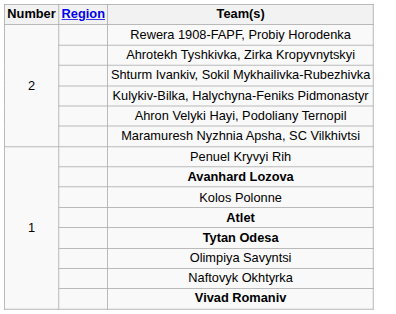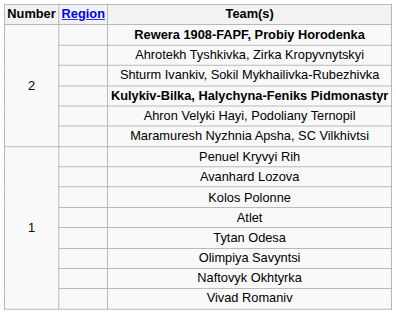 <table class="wikitable" style="text-align:center">
 <tr>
 <th>Number</th>
 <th><a href='#'>Region</a></th>
 <th>Team(s)</th>
 </tr>
 <tr>
 <td rowspan="6">2</td>
 <td align="left"></td>
-<td>Rewera 1908-FAPF, Probiy Horodenka</td>
+<td><strong>Rewera 1908-FAPF, Probiy Horodenka</strong></td>
 </tr>
 <tr>
 <td align="left"></td>
 <td>Ahrotekh Tyshkivka, Zirka Kropyvnytskyi</td>
 </tr>
 <tr>
 <td align="left"></td>
 <td>Shturm Ivankiv, Sokil Mykhailivka-Rubezhivka</td>
 </tr>
 <tr>
 <td align="left"></td>
-<td>Kulykiv-Bilka, Halychyna-Feniks Pidmonastyr</td>
+<td><strong>Kulykiv-Bilka, Halychyna-Feniks Pidmonastyr</strong></td>
 </tr>
 <tr>
 <td align="left"></td>
 <td>Ahron Velyki Hayi, Podoliany Ternopil</td>
 </tr>
 <tr>
 <td align="left"></td>
 <td>Maramuresh Nyzhnia Apsha, SC Vilkhivtsi</td>
 </tr>
 <tr>
 <td rowspan="13">1</td>
 <td align="left"></td>
 <td>Penuel Kryvyi Rih</td>
 </tr>
 <tr>
 <td align="left"></td>
-<td><strong>Avanhard Lozova</strong></td>
+<td>Avanhard Lozova</td>
 </tr>
 <tr>
 <td align="left"></td>
 <td>Kolos Polonne</td>
 </tr>
 <tr>
 <td align="left"></td>
-<td><strong>Atlet</strong></td>
+<td>Atlet</td>
 </tr>
 <tr>
 <td align="left"></td>
-<td><strong>Tytan Odesa</strong></td>
+<td>Tytan Odesa</td>
 </tr>
 <tr>
 <td align="left"></td>
 <td>Olimpiya Savyntsi</td>
 </tr>
 <tr>
 <td align="left"></td>
 <td>Naftovyk Okhtyrka</td>
 </tr>
 <tr>
 <td align="left"></td>
-<td><strong>Vivad Romaniv</strong></td>
+<td>Vivad Romaniv</td>
 </tr>
 </table>
